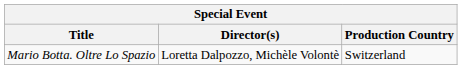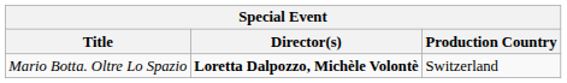 <table class="wikitable">
 <tr>
 <th colspan="3">Special Event</th>
 </tr>
 <tr>
 <th>Title</th>
 <th>Director(s)</th>
 <th>Production Country</th>
 </tr>
 <tr>
 <td><em>Mario Botta. Oltre Lo Spazio</em></td>
-<td>Loretta Dalpozzo, Michèle Volontè</td>
+<td><strong>Loretta Dalpozzo, Michèle Volontè</strong></td>
 <td>Switzerland</td>
 </tr>
 </table>
